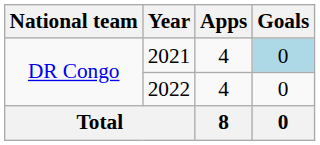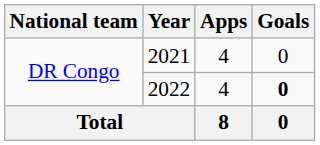 <table class=wikitable style="text-align:center">
 <tr>
 <th>National team</th>
 <th>Year</th>
 <th>Apps</th>
 <th>Goals</th>
 </tr>
 <tr>
 <td rowspan="2"><a href='#'>DR Congo</a></td>
 <td>2021</td>
 <td>4</td>
-<td style="background: lightblue;">0</td>
+<td>0</td>
 </tr>
 <tr>
 <td>2022</td>
 <td>4</td>
-<td>0</td>
+<td><strong>0</strong></td>
 </tr>
 <tr>
 <th colspan="2">Total</th>
 <th>8</th>
 <th>0</th>
 </tr>
 </table>
